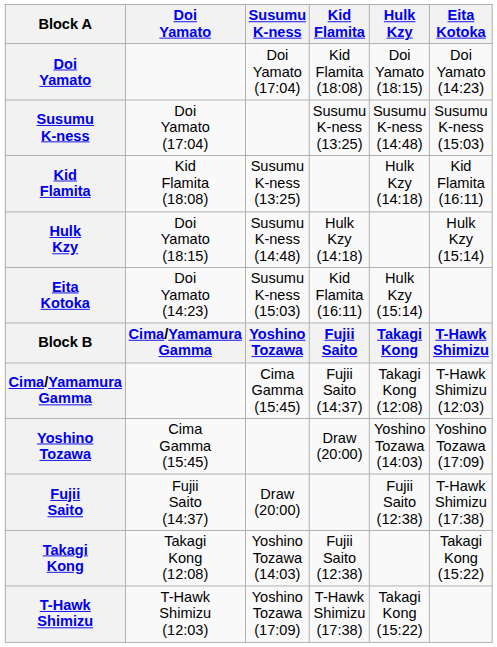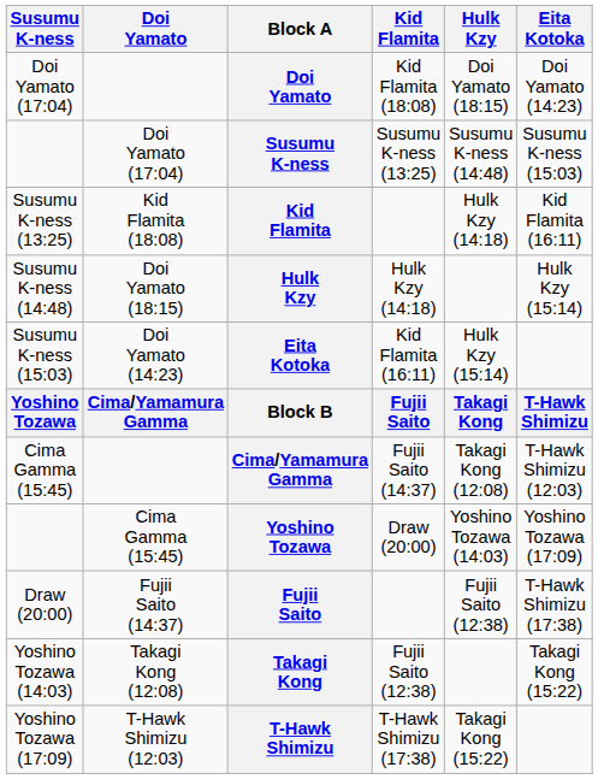 <table class="wikitable" style="margin: 1em auto 1em auto;text-align:center">
 <tr>
+<th><a href='#'>Susumu</a><br><a href='#'>K-ness</a></th>
+<th><a href='#'>Doi</a><br><a href='#'>Yamato</a></th>
 <th>Block A</th>
-<th><a href='#'>Doi</a><br><a href='#'>Yamato</a></th>
-<th><a href='#'>Susumu</a><br><a href='#'>K-ness</a></th>
 <th><a href='#'>Kid</a><br><a href='#'>Flamita</a></th>
 <th><a href='#'>Hulk</a><br><a href='#'>Kzy</a></th>
 <th><a href='#'>Eita</a><br><a href='#'>Kotoka</a></th>
 </tr>
 <tr>
+<td>Doi<br>Yamato<br>(17:04)</td>
+<td></td>
 <th><a href='#'>Doi</a><br><a href='#'>Yamato</a></th>
-<td></td>
-<td>Doi<br>Yamato<br>(17:04)</td>
 <td>Kid<br>Flamita<br>(18:08)</td>
 <td>Doi<br>Yamato<br>(18:15)</td>
 <td>Doi<br>Yamato<br>(14:23)</td>
 </tr>
 <tr>
+<td></td>
+<td>Doi<br>Yamato<br>(17:04)</td>
 <th><a href='#'>Susumu</a><br><a href='#'>K-ness</a></th>
-<td>Doi<br>Yamato<br>(17:04)</td>
-<td></td>
 <td>Susumu<br>K-ness<br>(13:25)</td>
 <td>Susumu<br>K-ness<br>(14:48)</td>
 <td>Susumu<br>K-ness<br>(15:03)</td>
 </tr>
 <tr>
+<td>Susumu<br>K-ness<br>(13:25)</td>
+<td>Kid<br>Flamita<br>(18:08)</td>
 <th><a href='#'>Kid</a><br><a href='#'>Flamita</a></th>
-<td>Kid<br>Flamita<br>(18:08)</td>
-<td>Susumu<br>K-ness<br>(13:25)</td>
 <td></td>
 <td>Hulk<br>Kzy<br>(14:18)</td>
 <td>Kid<br>Flamita<br>(16:11)</td>
 </tr>
 <tr>
+<td>Susumu<br>K-ness<br>(14:48)</td>
+<td>Doi<br>Yamato<br>(18:15)</td>
 <th><a href='#'>Hulk</a><br><a href='#'>Kzy</a></th>
-<td>Doi<br>Yamato<br>(18:15)</td>
-<td>Susumu<br>K-ness<br>(14:48)</td>
 <td>Hulk<br>Kzy<br>(14:18)</td>
 <td></td>
 <td>Hulk<br>Kzy<br>(15:14)</td>
 </tr>
 <tr>
+<td>Susumu<br>K-ness<br>(15:03)</td>
+<td>Doi<br>Yamato<br>(14:23)</td>
 <th><a href='#'>Eita</a><br><a href='#'>Kotoka</a></th>
-<td>Doi<br>Yamato<br>(14:23)</td>
-<td>Susumu<br>K-ness<br>(15:03)</td>
 <td>Kid<br>Flamita<br>(16:11)</td>
 <td>Hulk<br>Kzy<br>(15:14)</td>
 <td></td>
 </tr>
 <tr>
+<th><a href='#'>Yoshino</a><br><a href='#'>Tozawa</a></th>
+<th><a href='#'>Cima</a>/<a href='#'>Yamamura</a><br><a href='#'>Gamma</a></th>
 <th>Block B</th>
-<th><a href='#'>Cima</a>/<a href='#'>Yamamura</a><br><a href='#'>Gamma</a></th>
-<th><a href='#'>Yoshino</a><br><a href='#'>Tozawa</a></th>
 <th><a href='#'>Fujii</a><br><a href='#'>Saito</a></th>
 <th><a href='#'>Takagi</a><br><a href='#'>Kong</a></th>
 <th><a href='#'>T-Hawk</a><br><a href='#'>Shimizu</a></th>
 </tr>
 <tr>
+<td>Cima<br>Gamma<br>(15:45)</td>
+<td></td>
 <th><a href='#'>Cima</a>/<a href='#'>Yamamura</a><br><a href='#'>Gamma</a></th>
-<td></td>
-<td>Cima<br>Gamma<br>(15:45)</td>
 <td>Fujii<br>Saito<br>(14:37)</td>
 <td>Takagi<br>Kong<br>(12:08)</td>
 <td>T-Hawk<br>Shimizu<br>(12:03)</td>
 </tr>
 <tr>
+<td></td>
+<td>Cima<br>Gamma<br>(15:45)</td>
 <th><a href='#'>Yoshino</a><br><a href='#'>Tozawa</a></th>
-<td>Cima<br>Gamma<br>(15:45)</td>
-<td></td>
 <td>Draw<br>(20:00)</td>
 <td>Yoshino<br>Tozawa<br>(14:03)</td>
 <td>Yoshino<br>Tozawa<br>(17:09)</td>
 </tr>
 <tr>
+<td>Draw<br>(20:00)</td>
+<td>Fujii<br>Saito<br>(14:37)</td>
 <th><a href='#'>Fujii</a><br><a href='#'>Saito</a></th>
-<td>Fujii<br>Saito<br>(14:37)</td>
-<td>Draw<br>(20:00)</td>
 <td></td>
 <td>Fujii<br>Saito<br>(12:38)</td>
 <td>T-Hawk<br>Shimizu<br>(17:38)</td>
 </tr>
 <tr>
+<td>Yoshino<br>Tozawa<br>(14:03)</td>
+<td>Takagi<br>Kong<br>(12:08)</td>
 <th><a href='#'>Takagi</a><br><a href='#'>Kong</a></th>
-<td>Takagi<br>Kong<br>(12:08)</td>
-<td>Yoshino<br>Tozawa<br>(14:03)</td>
 <td>Fujii<br>Saito<br>(12:38)</td>
 <td></td>
 <td>Takagi<br>Kong<br>(15:22)</td>
 </tr>
 <tr>
+<td>Yoshino<br>Tozawa<br>(17:09)</td>
+<td>T-Hawk<br>Shimizu<br>(12:03)</td>
 <th><a href='#'>T-Hawk</a><br><a href='#'>Shimizu</a></th>
-<td>T-Hawk<br>Shimizu<br>(12:03)</td>
-<td>Yoshino<br>Tozawa<br>(17:09)</td>
 <td>T-Hawk<br>Shimizu<br>(17:38)</td>
 <td>Takagi<br>Kong<br>(15:22)</td>
 <td></td>
 </tr>
 </table>
